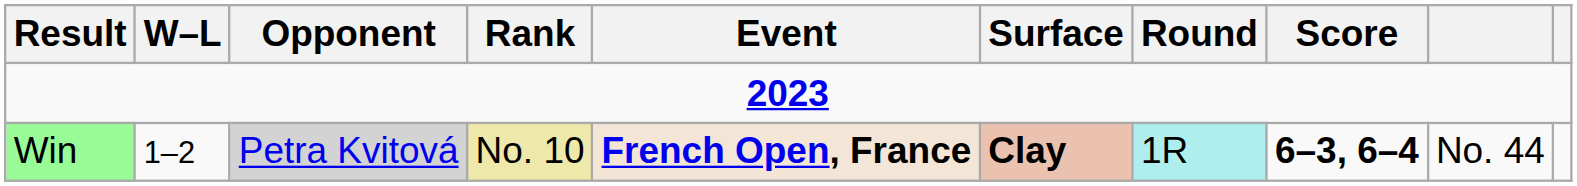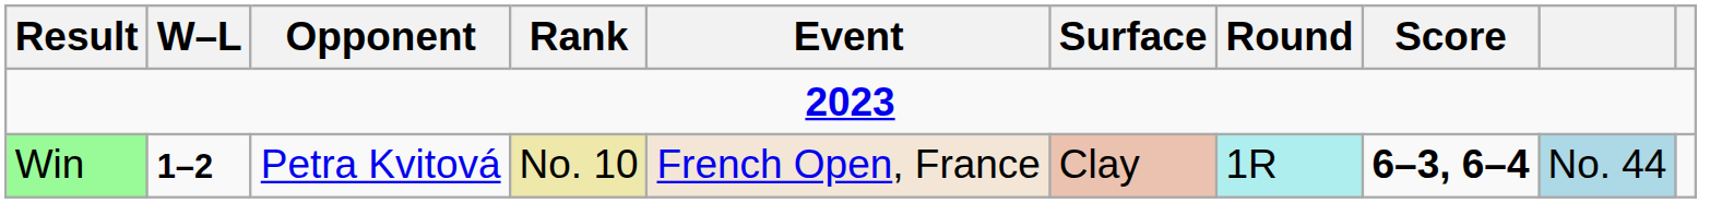 <table class="wikitable sortable">
 <tr>
 <th>Result</th>
 <th class=unsortable>W–L</th>
 <th>Opponent</th>
 <th>Rank</th>
 <th>Event</th>
 <th>Surface</th>
 <th>Round</th>
 <th class=unsortable>Score</th>
 <th></th>
 <th></th>
 </tr>
 <tr>
 <td colspan="10" style="text-align:center"><strong><a href='#'>2023</a></strong></td>
 </tr>
 <tr>
 <td bgcolor=98FB98>Win</td>
-<td><small>1–2</small></td>
-<td style="background: lightgrey;"> <a href='#'>Petra Kvitová</a></td>
+<td><strong><small>1–2</small></strong></td>
+<td> <a href='#'>Petra Kvitová</a></td>
 <td bgcolor=eee8aa>No. 10</td>
-<td bgcolor=f3e6d7><strong><a href='#'>French Open</a>, France</strong></td>
-<td bgcolor=ebc2af><strong>Clay</strong></td>
+<td bgcolor=f3e6d7><a href='#'>French Open</a>, France</td>
+<td bgcolor=ebc2af>Clay</td>
 <td bgcolor=afeeee>1R</td>
 <td><strong>6–3, 6–4</strong></td>
-<td>No. 44</td>
+<td style="background: lightblue;">No. 44</td>
 <td></td>
 </tr>
 </table>
